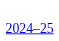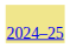 <table id=toc class=toc summary=Contents>
 <tr>
 <th></th>
 </tr>
 <tr>
-<td style="text-align:left;"><br><a href='#'>2024–25</a></td>
+<td style="background: khaki; text-align:left;"><br><a href='#'>2024–25</a></td>
 </tr>
 </table>
